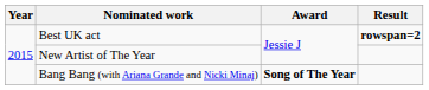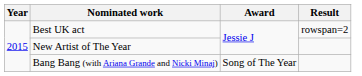 <table class="wikitable">
 <tr>
 <th>Year</th>
 <th>Nominated work</th>
 <th>Award</th>
 <th>Result</th>
 </tr>
 <tr>
 <td rowspan="3"><a href='#'>2015</a></td>
 <td>Best UK act</td>
 <td rowspan="2"><a href='#'>Jessie J</a></td>
-<td><strong>rowspan=2 </strong></td>
+<td>rowspan=2 </td>
 </tr>
 <tr>
 <td>New Artist of The Year</td>
 </tr>
 <tr>
 <td>Bang Bang <small>(with <a href='#'>Ariana Grande</a> and <a href='#'>Nicki Minaj</a>)</small></td>
-<td><strong>Song of The Year</strong></td>
+<td>Song of The Year</td>
 <td></td>
 </tr>
 </table>
